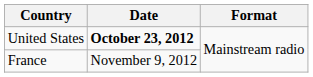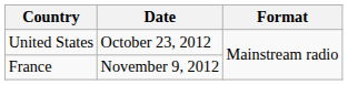 <table class="wikitable">
 <tr>
 <th scope="col">Country</th>
 <th scope="col">Date</th>
 <th scope="col">Format</th>
 </tr>
 <tr>
 <td>United States</td>
-<td><strong>October 23, 2012</strong></td>
+<td>October 23, 2012</td>
 <td rowspan="2">Mainstream radio</td>
 </tr>
 <tr>
 <td>France</td>
 <td>November 9, 2012</td>
 </tr>
 </table>
